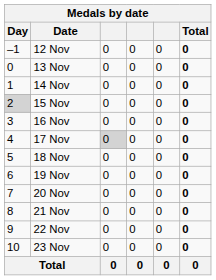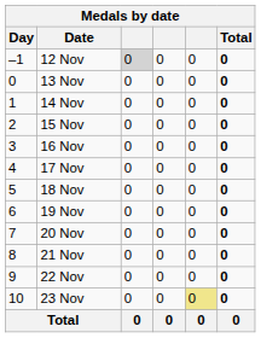 <table class="wikitable">
 <tr>
 <th colspan="6"><strong>Medals by date</strong></th>
 </tr>
 <tr>
 <th width="30"><strong>Day</strong></th>
 <th width="90"><strong>Date</strong></th>
 <th width="30"></th>
 <th width="30"></th>
 <th width="30"></th>
 <th width="30"><strong>Total</strong></th>
 </tr>
 <tr>
 <td>–1</td>
 <td>12 Nov</td>
-<td>0</td>
+<td style="background: lightgrey;">0</td>
 <td>0</td>
 <td>0</td>
 <td><strong>0</strong></td>
 </tr>
 <tr>
 <td>0</td>
 <td>13 Nov</td>
 <td>0</td>
 <td>0</td>
 <td>0</td>
 <td><strong>0</strong></td>
 </tr>
 <tr>
 <td>1</td>
 <td>14 Nov</td>
 <td>0</td>
 <td>0</td>
 <td>0</td>
 <td><strong>0</strong></td>
 </tr>
 <tr>
-<td style="background: lightgrey;">2</td>
+<td>2</td>
 <td>15 Nov</td>
 <td>0</td>
 <td>0</td>
 <td>0</td>
 <td><strong>0</strong></td>
 </tr>
 <tr>
 <td>3</td>
 <td>16 Nov</td>
 <td>0</td>
 <td>0</td>
 <td>0</td>
 <td><strong>0</strong></td>
 </tr>
 <tr>
 <td>4</td>
 <td>17 Nov</td>
-<td style="background: lightgrey;">0</td>
+<td>0</td>
 <td>0</td>
 <td>0</td>
 <td><strong>0</strong></td>
 </tr>
 <tr>
 <td>5</td>
 <td>18 Nov</td>
 <td>0</td>
 <td>0</td>
 <td>0</td>
 <td><strong>0</strong></td>
 </tr>
 <tr>
 <td>6</td>
 <td>19 Nov</td>
 <td>0</td>
 <td>0</td>
 <td>0</td>
 <td><strong>0</strong></td>
 </tr>
 <tr>
 <td>7</td>
 <td>20 Nov</td>
 <td>0</td>
 <td>0</td>
 <td>0</td>
 <td><strong>0</strong></td>
 </tr>
 <tr>
 <td>8</td>
 <td>21 Nov</td>
 <td>0</td>
 <td>0</td>
 <td>0</td>
 <td><strong>0</strong></td>
 </tr>
 <tr>
 <td>9</td>
 <td>22 Nov</td>
 <td>0</td>
 <td>0</td>
 <td>0</td>
 <td><strong>0</strong></td>
 </tr>
 <tr>
 <td>10</td>
 <td>23 Nov</td>
 <td>0</td>
 <td>0</td>
-<td>0</td>
+<td style="background: khaki;">0</td>
 <td><strong>0</strong></td>
 </tr>
 <tr>
 <th colspan="2"><strong>Total</strong></th>
 <th><strong>0</strong></th>
 <th><strong>0</strong></th>
 <th><strong>0</strong></th>
 <th><strong>0</strong></th>
 </tr>
 </table>
